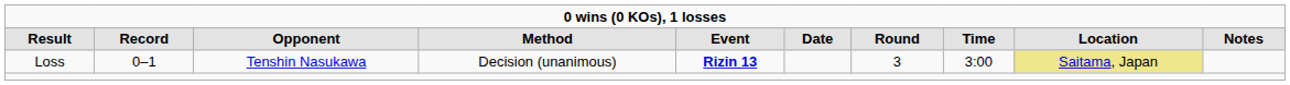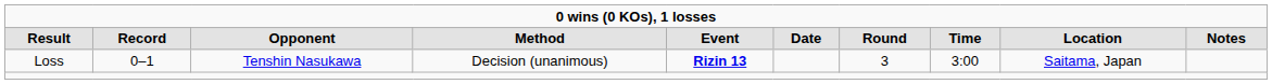 <table style="width:100%; clear:both; margin:1.5em auto; text-align:center; font-size:88%;" class="wikitable sortable">
 <tr>
 <td colspan=10><strong>0 wins (0 KOs), 1 losses</strong></td>
 </tr>
 <tr>
 <th style="border-style: none none solid solid; background: #e3e3e3"><strong>Result</strong></th>
 <th style="border-style: none none solid solid; background: #e3e3e3"><strong>Record</strong></th>
 <th style="border-style: none none solid solid; background: #e3e3e3"><strong>Opponent</strong></th>
 <th style="border-style: none none solid solid; background: #e3e3e3"><strong>Method</strong></th>
 <th style="border-style: none none solid solid; background: #e3e3e3"><strong>Event</strong></th>
 <th style="border-style: none none solid solid; background: #e3e3e3"><strong>Date</strong></th>
 <th style="border-style: none none solid solid; background: #e3e3e3"><strong>Round</strong></th>
 <th style="border-style: none none solid solid; background: #e3e3e3"><strong>Time</strong></th>
 <th style="border-style: none none solid solid; background: #e3e3e3"><strong>Location</strong></th>
 <th style="border-style: none none solid solid; background: #e3e3e3"><strong>Notes</strong></th>
 </tr>
 <tr>
 <td>Loss</td>
 <td align=center>0–1</td>
 <td><a href='#'>Tenshin Nasukawa</a></td>
 <td>Decision (unanimous)</td>
 <td><strong><a href='#'>Rizin 13</a></strong></td>
 <td></td>
 <td align=center>3</td>
 <td align=center>3:00</td>
-<td style="background: khaki;"><a href='#'>Saitama</a>, Japan</td>
+<td><a href='#'>Saitama</a>, Japan</td>
 <td></td>
 </tr>
 <tr>
 <td colspan=10></td>
 </tr>
 </table>
